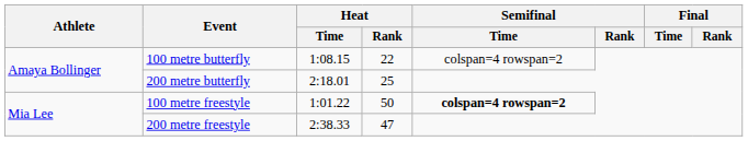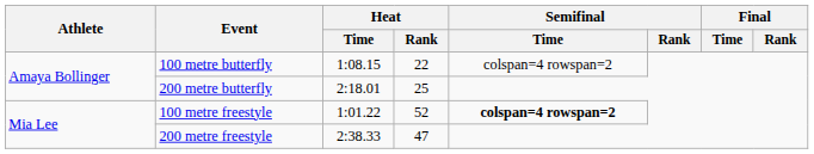 <table class="wikitable" style="text-align:center; font-size:90%; width:50%;">
 <tr>
 <th rowspan="2">Athlete</th>
 <th rowspan="2">Event</th>
 <th colspan="2">Heat</th>
 <th colspan="2">Semifinal</th>
 <th colspan="2">Final</th>
 </tr>
 <tr style="font-size:95%">
 <th>Time</th>
 <th>Rank</th>
 <th>Time</th>
 <th>Rank</th>
 <th>Time</th>
 <th>Rank</th>
 </tr>
 <tr>
 <td align=left rowspan=2><a href='#'>Amaya Bollinger</a></td>
 <td align=left><a href='#'>100 metre butterfly</a></td>
 <td>1:08.15</td>
 <td>22</td>
 <td>colspan=4  rowspan=2 </td>
 </tr>
 <tr>
 <td align=left><a href='#'>200 metre butterfly</a></td>
 <td>2:18.01</td>
 <td>25</td>
 </tr>
 <tr>
 <td align=left rowspan=2><a href='#'>Mia Lee</a></td>
 <td align=left><a href='#'>100 metre freestyle</a></td>
 <td>1:01.22</td>
-<td>50</td>
+<td>52</td>
 <td><strong>colspan=4  rowspan=2 </strong></td>
 </tr>
 <tr>
 <td align=left><a href='#'>200 metre freestyle</a></td>
 <td>2:38.33</td>
 <td>47</td>
 </tr>
 </table>
